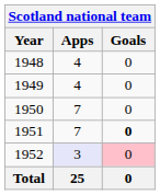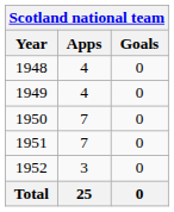 <table class="wikitable" style="text-align:center">
 <tr>
 <th colspan=3><a href='#'>Scotland national team</a></th>
 </tr>
 <tr>
 <th>Year</th>
 <th>Apps</th>
 <th>Goals</th>
 </tr>
 <tr>
 <td>1948</td>
 <td>4</td>
 <td>0</td>
 </tr>
 <tr>
 <td>1949</td>
 <td>4</td>
 <td>0</td>
 </tr>
 <tr>
 <td>1950</td>
 <td>7</td>
 <td>0</td>
 </tr>
 <tr>
 <td>1951</td>
 <td>7</td>
-<td><strong>0</strong></td>
+<td>0</td>
 </tr>
 <tr>
 <td>1952</td>
-<td style="background: lavender;">3</td>
-<td style="background: pink;">0</td>
+<td>3</td>
+<td>0</td>
 </tr>
 <tr>
 <th>Total</th>
 <th>25</th>
 <th>0</th>
 </tr>
 </table>
